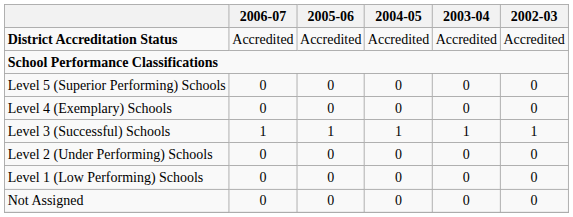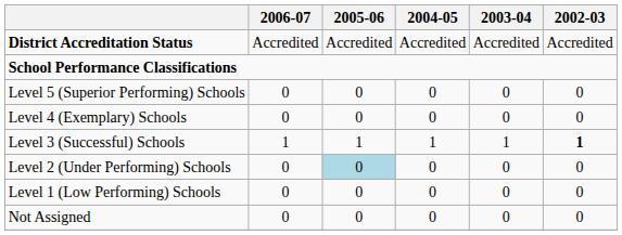 <table class="wikitable" style="font-size: 95%;">
 <tr>
 <th></th>
 <th>2006-07</th>
 <th>2005-06</th>
 <th>2004-05</th>
 <th>2003-04</th>
 <th>2002-03</th>
 </tr>
 <tr>
 <td align="left"><strong>District Accreditation Status</strong></td>
 <td align="center">Accredited</td>
 <td align="center">Accredited</td>
 <td align="center">Accredited</td>
 <td align="center">Accredited</td>
 <td align="center">Accredited</td>
 </tr>
 <tr>
 <td align="left" colspan="6"><strong>School Performance Classifications</strong></td>
 </tr>
 <tr>
 <td align="left">Level 5 (Superior Performing) Schools</td>
 <td align="center">0</td>
 <td align="center">0</td>
 <td align="center">0</td>
 <td align="center">0</td>
 <td align="center">0</td>
 </tr>
 <tr>
 <td align="left">Level 4 (Exemplary) Schools</td>
 <td align="center">0</td>
 <td align="center">0</td>
 <td align="center">0</td>
 <td align="center">0</td>
 <td align="center">0</td>
 </tr>
 <tr>
 <td align="left">Level 3 (Successful) Schools</td>
 <td align="center">1</td>
 <td align="center">1</td>
 <td align="center">1</td>
 <td align="center">1</td>
-<td align="center">1</td>
+<td align="center"><strong>1</strong></td>
 </tr>
 <tr>
 <td align="left">Level 2 (Under Performing) Schools</td>
 <td align="center">0</td>
-<td align="center">0</td>
+<td align="center" style="background: lightblue;">0</td>
 <td align="center">0</td>
 <td align="center">0</td>
 <td align="center">0</td>
 </tr>
 <tr>
 <td align="left">Level 1 (Low Performing) Schools</td>
 <td align="center">0</td>
 <td align="center">0</td>
 <td align="center">0</td>
 <td align="center">0</td>
 <td align="center">0</td>
 </tr>
 <tr>
 <td align="left">Not Assigned</td>
 <td align="center">0</td>
 <td align="center">0</td>
 <td align="center">0</td>
 <td align="center">0</td>
 <td align="center">0</td>
 </tr>
 <tr>
 </tr>
 </table>
